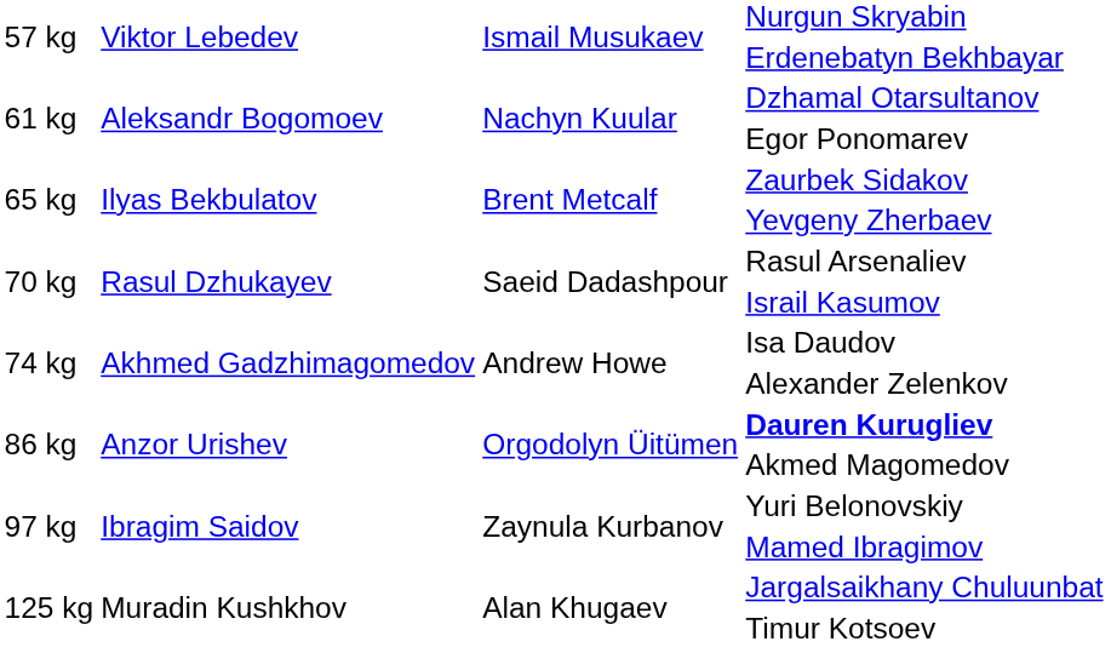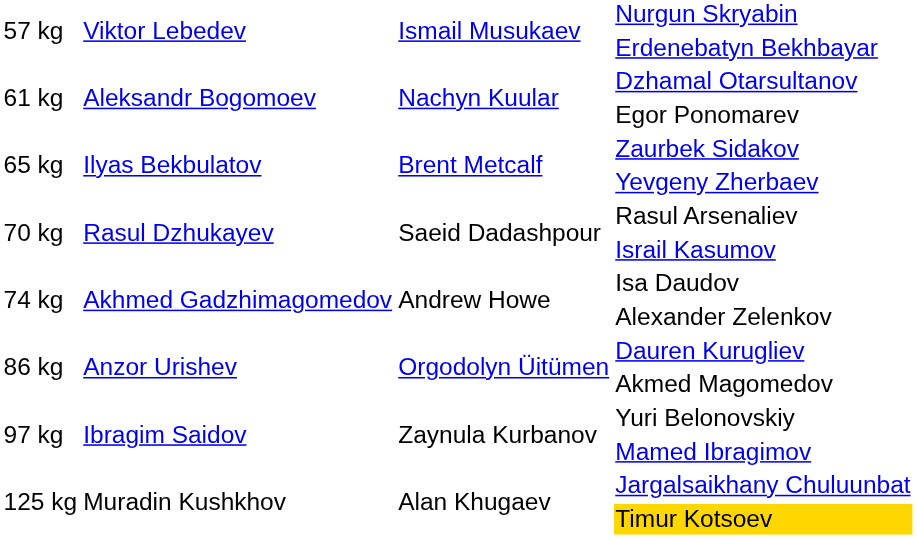 <table>
 <tr>
 <td rowspan=2>57 kg<br></td>
 <td rowspan=2> <a href='#'>Viktor Lebedev</a></td>
 <td rowspan=2> <a href='#'>Ismail Musukaev</a></td>
 <td> <a href='#'>Nurgun Skryabin</a></td>
 </tr>
 <tr>
 <td> <a href='#'>Erdenebatyn Bekhbayar</a></td>
 </tr>
 <tr>
 <td rowspan=2>61 kg<br></td>
 <td rowspan=2> <a href='#'>Aleksandr Bogomoev</a></td>
 <td rowspan=2> <a href='#'>Nachyn Kuular</a></td>
 <td> <a href='#'>Dzhamal Otarsultanov</a></td>
 </tr>
 <tr>
 <td> Egor Ponomarev</td>
 </tr>
 <tr>
 <td rowspan=2>65 kg<br></td>
 <td rowspan=2> <a href='#'>Ilyas Bekbulatov</a></td>
 <td rowspan=2> <a href='#'>Brent Metcalf</a></td>
 <td> <a href='#'>Zaurbek Sidakov</a></td>
 </tr>
 <tr>
 <td> <a href='#'>Yevgeny Zherbaev</a></td>
 </tr>
 <tr>
 <td rowspan=2>70 kg<br></td>
 <td rowspan=2> <a href='#'>Rasul Dzhukayev</a></td>
 <td rowspan=2> Saeid Dadashpour</td>
 <td> Rasul Arsenaliev</td>
 </tr>
 <tr>
 <td> <a href='#'>Israil Kasumov</a></td>
 </tr>
 <tr>
 <td rowspan=2>74 kg<br></td>
 <td rowspan=2> <a href='#'>Akhmed Gadzhimagomedov</a></td>
 <td rowspan=2> Andrew Howe</td>
 <td> Isa Daudov</td>
 </tr>
 <tr>
 <td> Alexander Zelenkov</td>
 </tr>
 <tr>
 <td rowspan=2>86 kg<br></td>
 <td rowspan=2> <a href='#'>Anzor Urishev</a></td>
 <td rowspan=2> <a href='#'>Orgodolyn Üitümen</a></td>
-<td><strong> <a href='#'>Dauren Kurugliev</a></strong></td>
+<td> <a href='#'>Dauren Kurugliev</a></td>
 </tr>
 <tr>
 <td> Akmed Magomedov</td>
 </tr>
 <tr>
 <td rowspan=2>97 kg<br></td>
 <td rowspan=2> <a href='#'>Ibragim Saidov</a></td>
 <td rowspan=2> Zaynula Kurbanov</td>
 <td>  Yuri Belonovskiy</td>
 </tr>
 <tr>
 <td> <a href='#'>Mamed Ibragimov</a></td>
 </tr>
 <tr>
 <td rowspan=2>125 kg<br></td>
 <td rowspan=2> Muradin Kushkhov</td>
 <td rowspan=2> Alan Khugaev</td>
 <td> <a href='#'>Jargalsaikhany Chuluunbat</a></td>
 </tr>
 <tr>
-<td> Timur Kotsoev</td>
+<td style="background: gold;"> Timur Kotsoev</td>
 </tr>
 </table>
